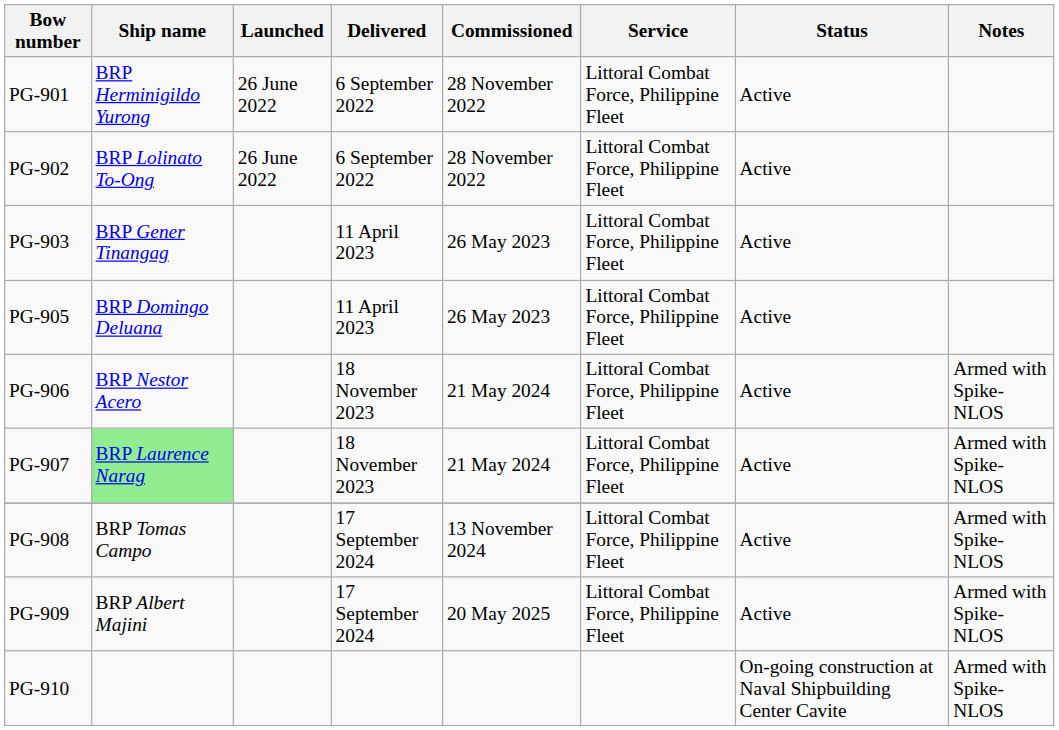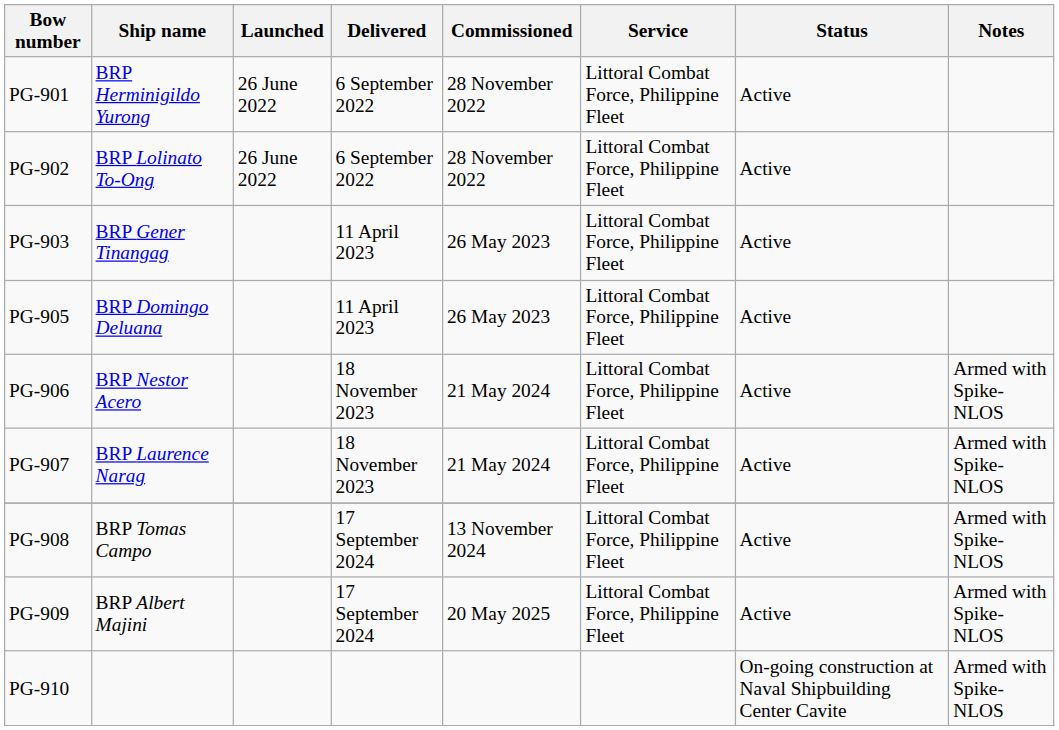 <table class="wikitable">
 <tr>
 <th>Bow number</th>
 <th>Ship name</th>
 <th>Launched</th>
 <th>Delivered</th>
 <th>Commissioned</th>
 <th>Service</th>
 <th>Status</th>
 <th>Notes</th>
 </tr>
 <tr>
 <td>PG-901</td>
 <td><a href='#'>BRP <em>Herminigildo Yurong</em></a></td>
 <td>26 June 2022</td>
 <td>6 September 2022</td>
 <td>28 November 2022</td>
 <td>Littoral Combat Force, Philippine Fleet</td>
 <td>Active</td>
 <td></td>
 </tr>
 <tr>
 <td>PG-902</td>
 <td><a href='#'>BRP <em>Lolinato To-Ong</em></a></td>
 <td>26 June 2022</td>
 <td>6 September 2022</td>
 <td>28 November 2022</td>
 <td>Littoral Combat Force, Philippine Fleet</td>
 <td>Active</td>
 <td></td>
 </tr>
 <tr>
 <td>PG-903</td>
 <td><a href='#'>BRP <em>Gener Tinangag</em></a></td>
 <td></td>
 <td>11 April 2023</td>
 <td>26 May 2023</td>
 <td>Littoral Combat Force, Philippine Fleet</td>
 <td>Active</td>
 <td></td>
 </tr>
 <tr>
 <td>PG-905</td>
 <td><a href='#'>BRP <em>Domingo Deluana</em></a></td>
 <td></td>
 <td>11 April 2023</td>
 <td>26 May 2023</td>
 <td>Littoral Combat Force, Philippine Fleet</td>
 <td>Active</td>
 <td></td>
 </tr>
 <tr>
 <td>PG-906</td>
 <td><a href='#'>BRP <em>Nestor Acero</em></a></td>
 <td></td>
 <td>18 November 2023</td>
 <td>21 May 2024</td>
 <td>Littoral Combat Force, Philippine Fleet</td>
 <td>Active</td>
 <td>Armed with Spike-NLOS</td>
 </tr>
 <tr>
 <td>PG-907</td>
-<td style="background: lightgreen;"><a href='#'>BRP <em>Laurence Narag</em></a></td>
+<td><a href='#'>BRP <em>Laurence Narag</em></a></td>
 <td></td>
 <td>18 November 2023</td>
 <td>21 May 2024</td>
 <td>Littoral Combat Force, Philippine Fleet</td>
 <td>Active</td>
 <td>Armed with Spike-NLOS</td>
 </tr>
 <tr>
 </tr>
 <tr>
 <td>PG-908</td>
 <td>BRP <em>Tomas Campo</em></td>
 <td></td>
 <td>17 September 2024</td>
 <td>13 November 2024</td>
 <td>Littoral Combat Force, Philippine Fleet</td>
 <td>Active</td>
 <td>Armed with Spike-NLOS</td>
 </tr>
 <tr>
 <td>PG-909</td>
 <td>BRP <em>Albert Majini</td>
 <td></td>
 <td>17 September 2024</td>
 <td>20 May 2025</td>
 <td>Littoral Combat Force, Philippine Fleet</td>
 <td>Active</td>
 <td>Armed with Spike-NLOS</td>
 </tr>
 <tr>
 <td>PG-910</td>
 <td></td>
 <td></td>
 <td></td>
 <td></td>
 <td></td>
 <td>On-going construction at Naval Shipbuilding Center Cavite</td>
 <td>Armed with Spike-NLOS</td>
 </tr>
 <tr>
 </tr>
 <tr>
 </tr>
 </table>
